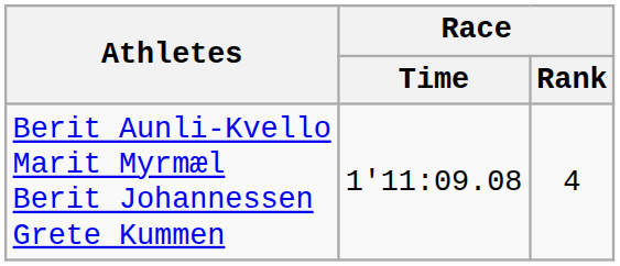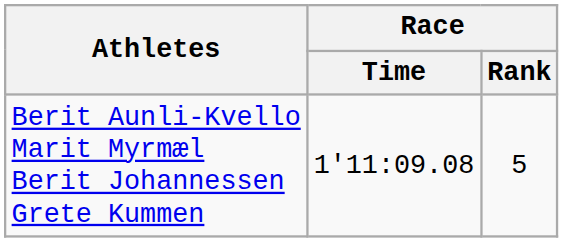 <table class="wikitable" border="1" style="font-size:90%">
 <tr>
 <th rowspan=2>Athletes</th>
 <th colspan=2>Race</th>
 </tr>
 <tr>
 <th>Time</th>
 <th>Rank</th>
 </tr>
 <tr>
 <td><a href='#'>Berit Aunli-Kvello</a><br><a href='#'>Marit Myrmæl</a><br><a href='#'>Berit Johannessen</a><br><a href='#'>Grete Kummen</a></td>
 <td align=center>1'11:09.08</td>
-<td align=center>4</td>
+<td align=center>5</td>
 </tr>
 </table>
